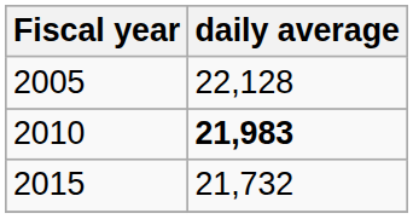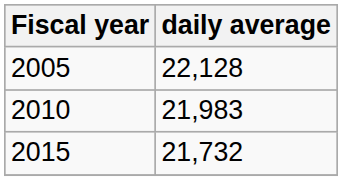 <table class="wikitable">
 <tr>
 <th>Fiscal year</th>
 <th>daily average</th>
 </tr>
 <tr>
 <td>2005</td>
 <td>22,128</td>
 </tr>
 <tr>
 <td>2010</td>
-<td><strong>21,983</strong></td>
+<td>21,983</td>
 </tr>
 <tr>
 <td>2015</td>
 <td>21,732</td>
 </tr>
 <tr>
 </tr>
 </table>
